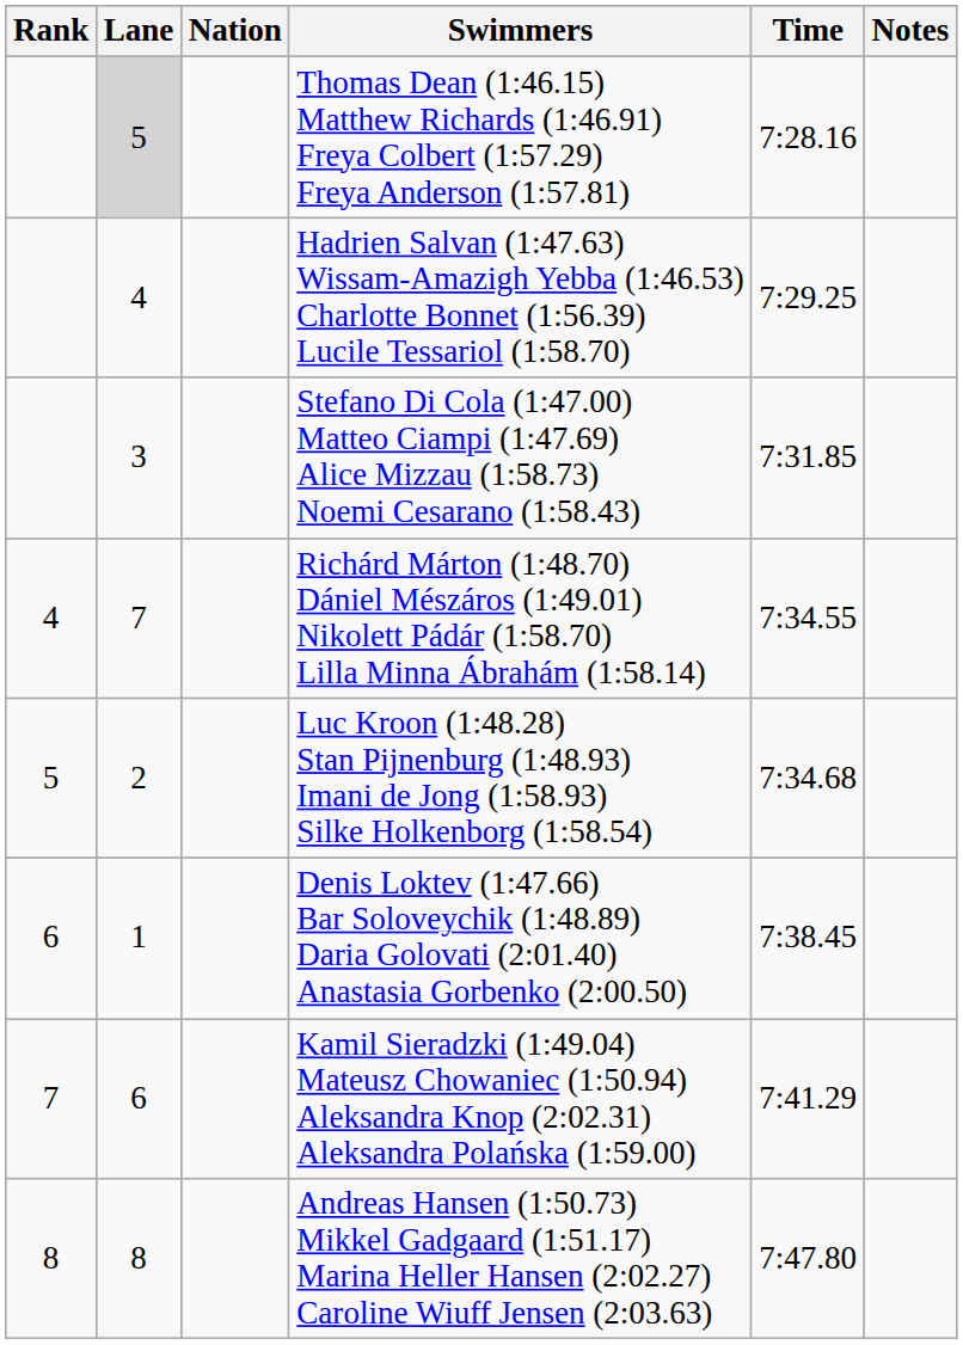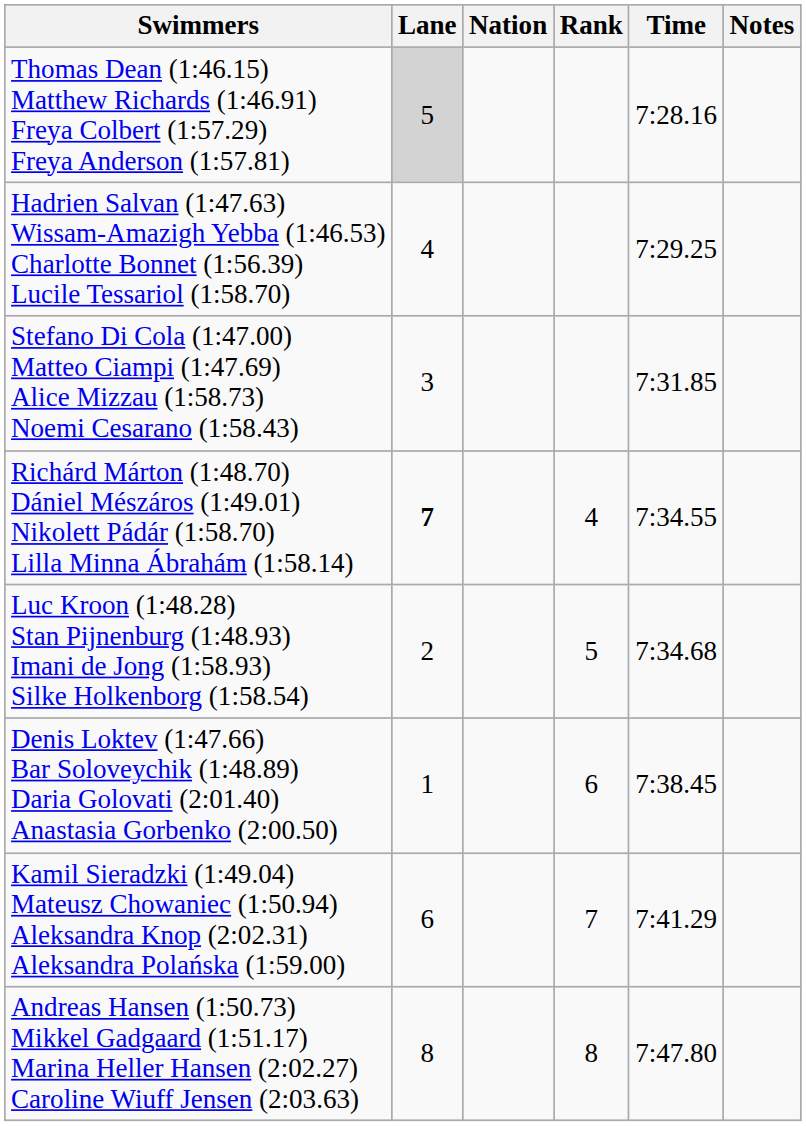 <table class="wikitable sortable" style="text-align:center">
 <tr>
-<th>Rank</th>
+<th>Swimmers</th>
 <th>Lane</th>
 <th>Nation</th>
-<th>Swimmers</th>
+<th>Rank</th>
 <th>Time</th>
 <th>Notes</th>
 </tr>
 <tr>
-<td></td>
+<td align=left><a href='#'>Thomas Dean</a> (1:46.15)<br><a href='#'>Matthew Richards</a> (1:46.91)<br><a href='#'>Freya Colbert</a> (1:57.29)<br><a href='#'>Freya Anderson</a> (1:57.81)</td>
 <td style="background: lightgrey;">5</td>
 <td align=left></td>
-<td align=left><a href='#'>Thomas Dean</a> (1:46.15)<br><a href='#'>Matthew Richards</a> (1:46.91)<br><a href='#'>Freya Colbert</a> (1:57.29)<br><a href='#'>Freya Anderson</a> (1:57.81)</td>
+<td></td>
 <td>7:28.16</td>
 <td></td>
 </tr>
 <tr>
-<td></td>
+<td align=left><a href='#'>Hadrien Salvan</a> (1:47.63)<br><a href='#'>Wissam-Amazigh Yebba</a> (1:46.53)<br><a href='#'>Charlotte Bonnet</a> (1:56.39)<br><a href='#'>Lucile Tessariol</a> (1:58.70)</td>
 <td>4</td>
 <td align=left></td>
-<td align=left><a href='#'>Hadrien Salvan</a> (1:47.63)<br><a href='#'>Wissam-Amazigh Yebba</a> (1:46.53)<br><a href='#'>Charlotte Bonnet</a> (1:56.39)<br><a href='#'>Lucile Tessariol</a> (1:58.70)</td>
+<td></td>
 <td>7:29.25</td>
 <td></td>
 </tr>
 <tr>
-<td></td>
+<td align=left><a href='#'>Stefano Di Cola</a> (1:47.00)<br><a href='#'>Matteo Ciampi</a> (1:47.69)<br><a href='#'>Alice Mizzau</a> (1:58.73)<br><a href='#'>Noemi Cesarano</a> (1:58.43)</td>
 <td>3</td>
 <td align=left></td>
-<td align=left><a href='#'>Stefano Di Cola</a> (1:47.00)<br><a href='#'>Matteo Ciampi</a> (1:47.69)<br><a href='#'>Alice Mizzau</a> (1:58.73)<br><a href='#'>Noemi Cesarano</a> (1:58.43)</td>
+<td></td>
 <td>7:31.85</td>
 <td></td>
 </tr>
 <tr>
+<td align=left><a href='#'>Richárd Márton</a> (1:48.70)<br><a href='#'>Dániel Mészáros</a> (1:49.01)<br><a href='#'>Nikolett Pádár</a> (1:58.70)<br><a href='#'>Lilla Minna Ábrahám</a> (1:58.14)</td>
+<td><strong>7</strong></td>
+<td align=left></td>
 <td>4</td>
-<td>7</td>
-<td align=left></td>
-<td align=left><a href='#'>Richárd Márton</a> (1:48.70)<br><a href='#'>Dániel Mészáros</a> (1:49.01)<br><a href='#'>Nikolett Pádár</a> (1:58.70)<br><a href='#'>Lilla Minna Ábrahám</a> (1:58.14)</td>
 <td>7:34.55</td>
 <td></td>
 </tr>
 <tr>
-<td>5</td>
+<td align=left><a href='#'>Luc Kroon</a> (1:48.28)<br><a href='#'>Stan Pijnenburg</a> (1:48.93)<br><a href='#'>Imani de Jong</a> (1:58.93)<br><a href='#'>Silke Holkenborg</a> (1:58.54)</td>
 <td>2</td>
 <td align=left></td>
-<td align=left><a href='#'>Luc Kroon</a> (1:48.28)<br><a href='#'>Stan Pijnenburg</a> (1:48.93)<br><a href='#'>Imani de Jong</a> (1:58.93)<br><a href='#'>Silke Holkenborg</a> (1:58.54)</td>
+<td>5</td>
 <td>7:34.68</td>
 <td></td>
 </tr>
 <tr>
-<td>6</td>
+<td align=left><a href='#'>Denis Loktev</a> (1:47.66)<br><a href='#'>Bar Soloveychik</a> (1:48.89)<br><a href='#'>Daria Golovati</a> (2:01.40)<br><a href='#'>Anastasia Gorbenko</a> (2:00.50)</td>
 <td>1</td>
 <td align=left></td>
-<td align=left><a href='#'>Denis Loktev</a> (1:47.66)<br><a href='#'>Bar Soloveychik</a> (1:48.89)<br><a href='#'>Daria Golovati</a> (2:01.40)<br><a href='#'>Anastasia Gorbenko</a> (2:00.50)</td>
+<td>6</td>
 <td>7:38.45</td>
 <td></td>
 </tr>
 <tr>
-<td>7</td>
+<td align=left><a href='#'>Kamil Sieradzki</a> (1:49.04)<br><a href='#'>Mateusz Chowaniec</a> (1:50.94)<br><a href='#'>Aleksandra Knop</a> (2:02.31)<br><a href='#'>Aleksandra Polańska</a> (1:59.00)</td>
 <td>6</td>
 <td align=left></td>
-<td align=left><a href='#'>Kamil Sieradzki</a> (1:49.04)<br><a href='#'>Mateusz Chowaniec</a> (1:50.94)<br><a href='#'>Aleksandra Knop</a> (2:02.31)<br><a href='#'>Aleksandra Polańska</a> (1:59.00)</td>
+<td>7</td>
 <td>7:41.29</td>
 <td></td>
 </tr>
 <tr>
-<td>8</td>
+<td align=left><a href='#'>Andreas Hansen</a> (1:50.73)<br><a href='#'>Mikkel Gadgaard</a> (1:51.17)<br><a href='#'>Marina Heller Hansen</a> (2:02.27)<br><a href='#'>Caroline Wiuff Jensen</a> (2:03.63)</td>
 <td>8</td>
 <td align=left></td>
-<td align=left><a href='#'>Andreas Hansen</a> (1:50.73)<br><a href='#'>Mikkel Gadgaard</a> (1:51.17)<br><a href='#'>Marina Heller Hansen</a> (2:02.27)<br><a href='#'>Caroline Wiuff Jensen</a> (2:03.63)</td>
+<td>8</td>
 <td>7:47.80</td>
 <td></td>
 </tr>
 </table>
